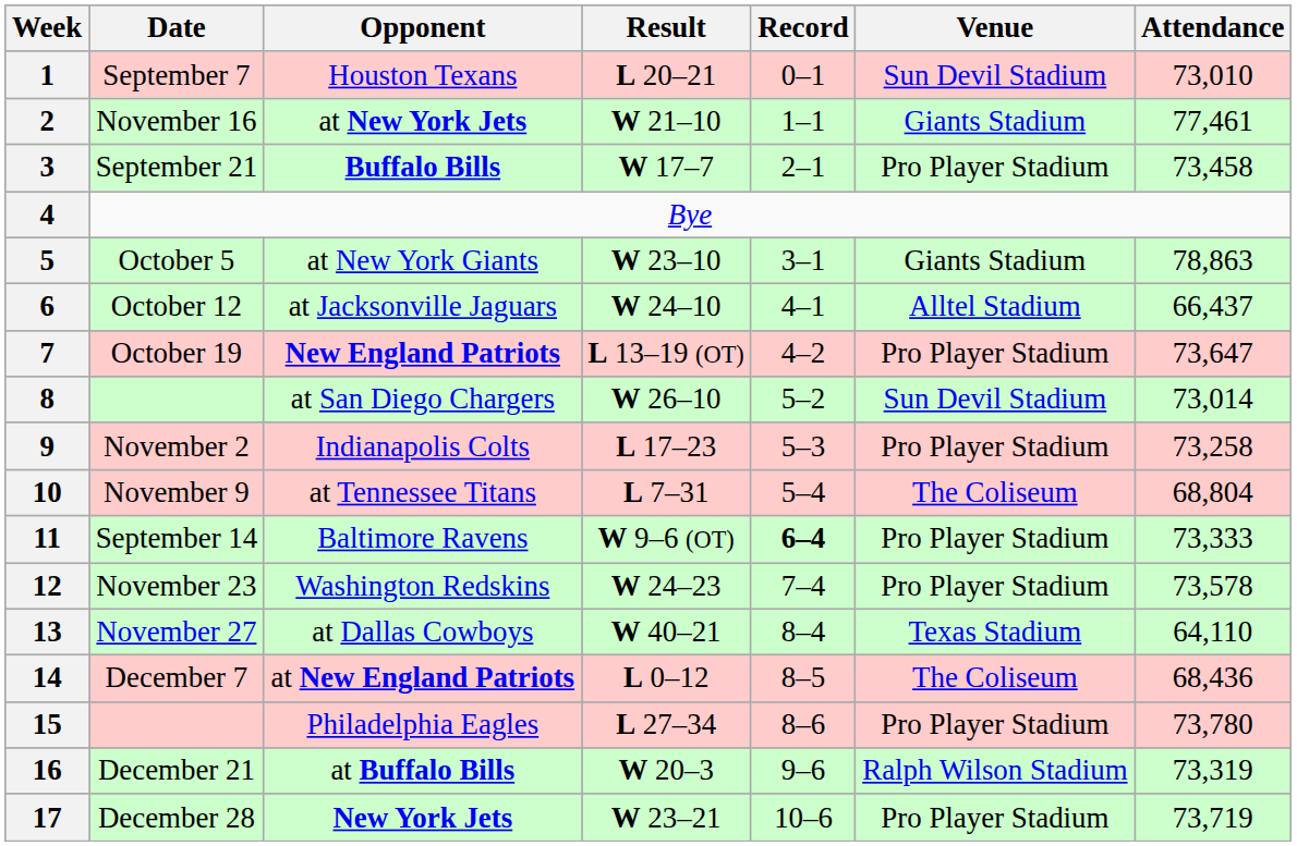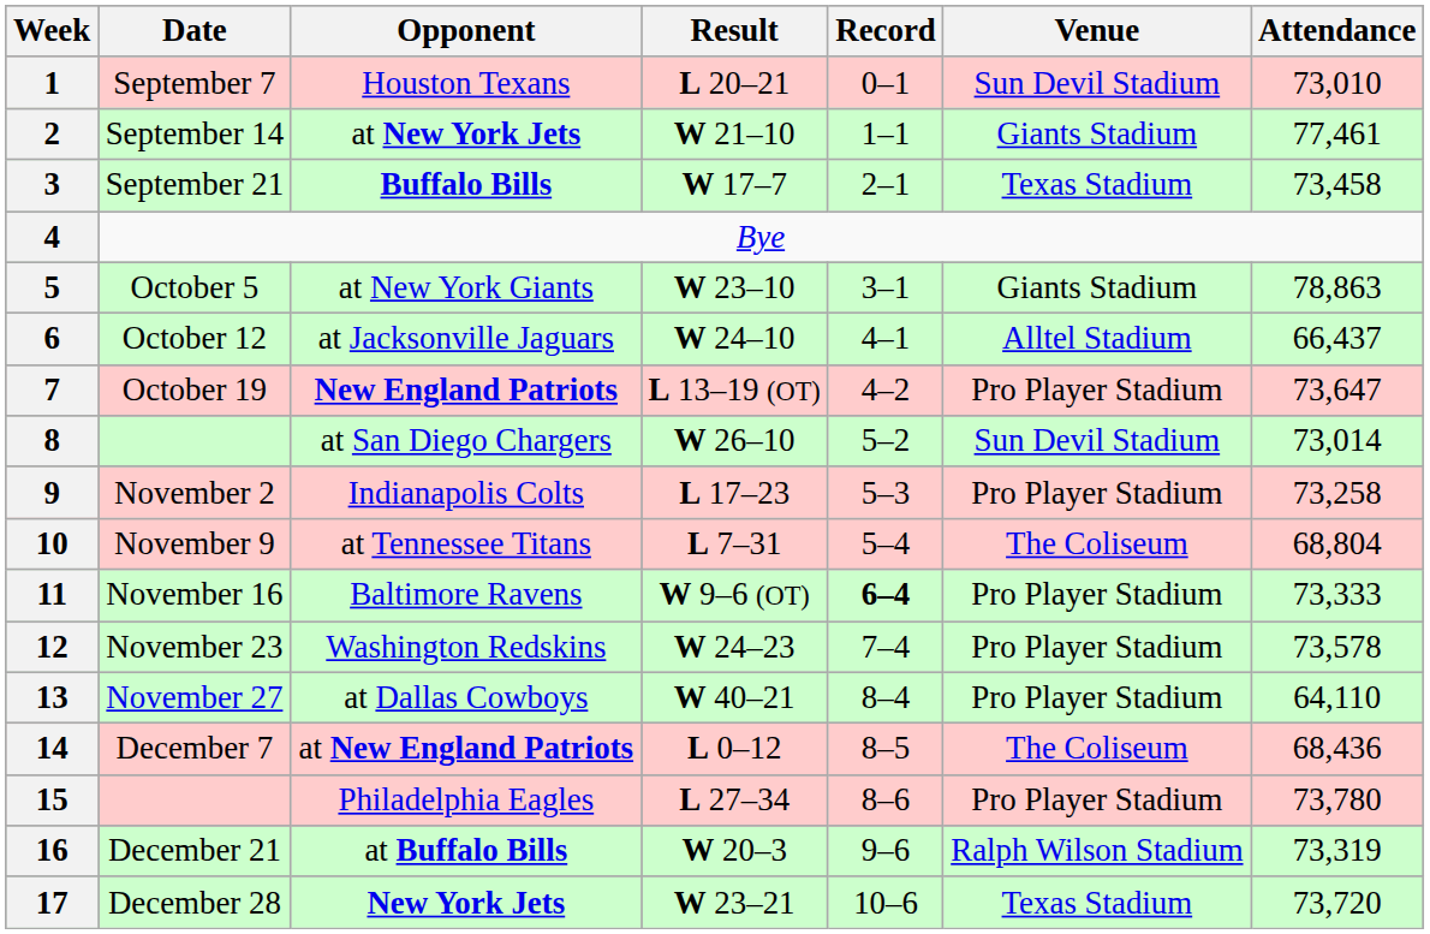 <table class="wikitable" style="text-align:center">
 <tr>
 <th>Week</th>
 <th>Date</th>
 <th>Opponent</th>
 <th>Result</th>
 <th>Record</th>
 <th>Venue</th>
 <th>Attendance</th>
 </tr>
 <tr style="background:#fcc">
 <th>1</th>
 <td>September 7</td>
 <td><a href='#'>Houston Texans</a></td>
 <td><strong>L</strong> 20–21</td>
 <td>0–1</td>
 <td><a href='#'>Sun Devil Stadium</a></td>
 <td>73,010</td>
 </tr>
 <tr style="background:#cfc">
 <th>2</th>
-<td>November 16</td>
+<td>September 14</td>
 <td>at <strong><a href='#'>New York Jets</a></strong></td>
 <td><strong>W</strong> 21–10</td>
 <td>1–1</td>
 <td><a href='#'>Giants Stadium</a></td>
 <td>77,461</td>
 </tr>
 <tr style="background:#cfc">
 <th>3</th>
 <td>September 21</td>
 <td><strong><a href='#'>Buffalo Bills</a></strong></td>
 <td><strong>W</strong> 17–7</td>
 <td>2–1</td>
-<td>Pro Player Stadium</td>
+<td><a href='#'>Texas Stadium</a></td>
 <td>73,458</td>
 </tr>
 <tr>
 <th>4</th>
 <td colspan="6"><em><a href='#'>Bye</a></em></td>
 </tr>
 <tr style="background:#cfc">
 <th>5</th>
 <td>October 5</td>
 <td>at <a href='#'>New York Giants</a></td>
 <td><strong>W</strong> 23–10</td>
 <td>3–1</td>
 <td>Giants Stadium</td>
 <td>78,863</td>
 </tr>
 <tr style="background:#cfc">
 <th>6</th>
 <td>October 12</td>
 <td>at <a href='#'>Jacksonville Jaguars</a></td>
 <td><strong>W</strong> 24–10</td>
 <td>4–1</td>
 <td><a href='#'>Alltel Stadium</a></td>
 <td>66,437</td>
 </tr>
 <tr style="background:#fcc">
 <th>7</th>
 <td>October 19</td>
 <td><strong><a href='#'>New England Patriots</a></strong></td>
 <td><strong>L</strong> 13–19 <small>(OT)</small></td>
 <td>4–2</td>
 <td>Pro Player Stadium</td>
 <td>73,647</td>
 </tr>
 <tr style="background:#cfc">
 <th>8</th>
 <td></td>
 <td>at <a href='#'>San Diego Chargers</a></td>
 <td><strong>W</strong> 26–10</td>
 <td>5–2</td>
 <td><a href='#'>Sun Devil Stadium</a></td>
 <td>73,014</td>
 </tr>
 <tr style="background:#fcc">
 <th>9</th>
 <td>November 2</td>
 <td><a href='#'>Indianapolis Colts</a></td>
 <td><strong>L</strong> 17–23</td>
 <td>5–3</td>
 <td>Pro Player Stadium</td>
 <td>73,258</td>
 </tr>
 <tr style="background:#fcc">
 <th>10</th>
 <td>November 9</td>
 <td>at <a href='#'>Tennessee Titans</a></td>
 <td><strong>L</strong> 7–31</td>
 <td>5–4</td>
 <td><a href='#'>The Coliseum</a></td>
 <td>68,804</td>
 </tr>
 <tr style="background:#cfc">
 <th>11</th>
-<td>September 14</td>
+<td>November 16</td>
 <td><a href='#'>Baltimore Ravens</a></td>
 <td><strong>W</strong> 9–6 <small>(OT)</small></td>
 <td><strong>6–4</strong></td>
 <td>Pro Player Stadium</td>
 <td>73,333</td>
 </tr>
 <tr style="background:#cfc">
 <th>12</th>
 <td>November 23</td>
 <td><a href='#'>Washington Redskins</a></td>
 <td><strong>W</strong> 24–23</td>
 <td>7–4</td>
 <td>Pro Player Stadium</td>
 <td>73,578</td>
 </tr>
 <tr style="background:#cfc">
 <th>13</th>
 <td><a href='#'>November 27</a></td>
 <td>at <a href='#'>Dallas Cowboys</a></td>
 <td><strong>W</strong> 40–21</td>
 <td>8–4</td>
-<td><a href='#'>Texas Stadium</a></td>
+<td>Pro Player Stadium</td>
 <td>64,110</td>
 </tr>
 <tr style="background:#fcc">
 <th>14</th>
 <td>December 7</td>
 <td>at <strong><a href='#'>New England Patriots</a></strong></td>
 <td><strong>L</strong> 0–12</td>
 <td>8–5</td>
 <td><a href='#'>The Coliseum</a></td>
 <td>68,436</td>
 </tr>
 <tr style="background:#fcc">
 <th>15</th>
 <td></td>
 <td><a href='#'>Philadelphia Eagles</a></td>
 <td><strong>L</strong> 27–34</td>
 <td>8–6</td>
 <td>Pro Player Stadium</td>
 <td>73,780</td>
 </tr>
 <tr style="background:#cfc">
 <th>16</th>
 <td>December 21</td>
 <td>at <strong><a href='#'>Buffalo Bills</a></strong></td>
 <td><strong>W</strong> 20–3</td>
 <td>9–6</td>
 <td><a href='#'>Ralph Wilson Stadium</a></td>
 <td>73,319</td>
 </tr>
 <tr style="background:#cfc">
 <th>17</th>
 <td>December 28</td>
 <td><strong><a href='#'>New York Jets</a></strong></td>
 <td><strong>W</strong> 23–21</td>
 <td>10–6</td>
-<td>Pro Player Stadium</td>
-<td>73,719</td>
+<td><a href='#'>Texas Stadium</a></td>
+<td>73,720</td>
 </tr>
 </table>
